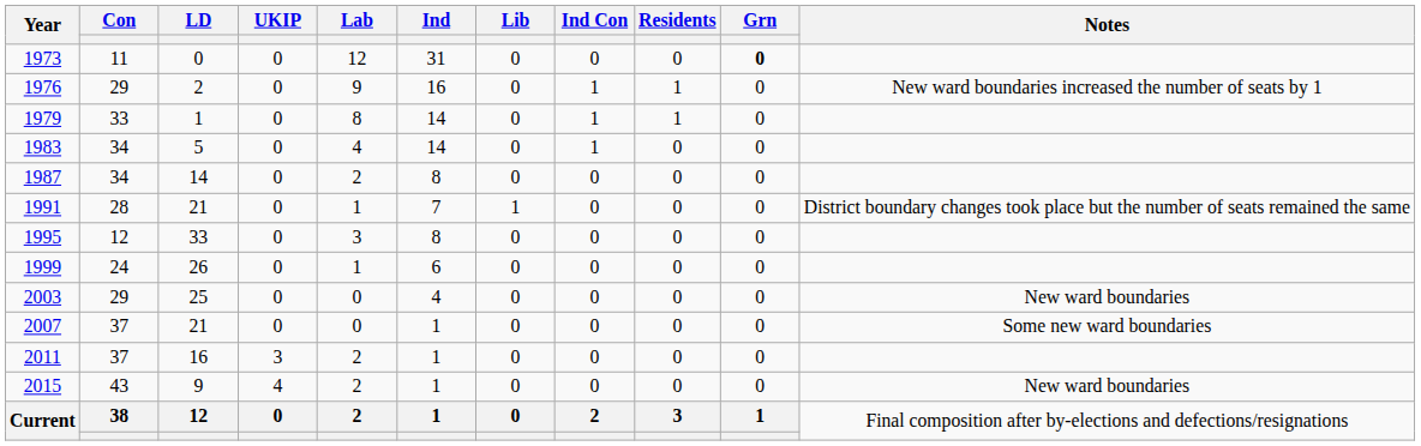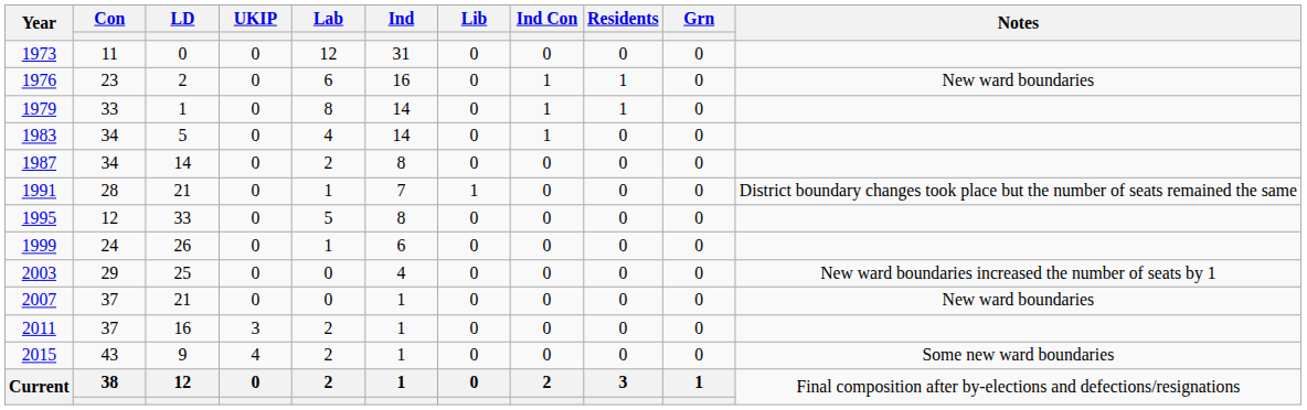 <table class=wikitable style=text-align:center>
 <tr>
 <th rowspan=2>Year</th>
 <th width="60"><a href='#'>Con</a></th>
 <th width="60"><a href='#'>LD</a></th>
 <th width="60"><a href='#'>UKIP</a></th>
 <th width="60"><a href='#'>Lab</a></th>
 <th width="60"><a href='#'>Ind</a></th>
 <th width="60"><a href='#'>Lib</a></th>
 <th width="60"><a href='#'>Ind Con</a></th>
 <th width="60"><a href='#'>Residents</a></th>
 <th width="60"><a href='#'>Grn</a></th>
 <th rowspan="2">Notes</th>
 </tr>
 <tr>
 <th style="background-color: "></th>
 <th style="background-color: "></th>
 <th style="background-color: "></th>
 <th style="background-color: "></th>
 <th style="background-color: "></th>
 <th style="background-color: "></th>
 <th style="background-color: "></th>
 <th style="background-color: "></th>
 <th style="background-color: "></th>
 </tr>
 <tr>
 <td><a href='#'>1973</a></td>
 <td>11</td>
 <td>0</td>
 <td>0</td>
 <td>12</td>
 <td>31</td>
 <td>0</td>
 <td>0</td>
 <td>0</td>
-<td><strong>0</strong></td>
+<td>0</td>
 <td></td>
 </tr>
 <tr>
 <td><a href='#'>1976</a></td>
-<td>29</td>
+<td>23</td>
 <td>2</td>
 <td>0</td>
-<td>9</td>
+<td>6</td>
 <td>16</td>
 <td>0</td>
 <td>1</td>
 <td>1</td>
 <td>0</td>
-<td>New ward boundaries increased the number of seats by 1</td>
+<td>New ward boundaries</td>
 </tr>
 <tr>
 <td><a href='#'>1979</a></td>
 <td>33</td>
 <td>1</td>
 <td>0</td>
 <td>8</td>
 <td>14</td>
 <td>0</td>
 <td>1</td>
 <td>1</td>
 <td>0</td>
 <td></td>
 </tr>
 <tr>
 <td><a href='#'>1983</a></td>
 <td>34</td>
 <td>5</td>
 <td>0</td>
 <td>4</td>
 <td>14</td>
 <td>0</td>
 <td>1</td>
 <td>0</td>
 <td>0</td>
 <td></td>
 </tr>
 <tr>
 <td><a href='#'>1987</a></td>
 <td>34</td>
 <td>14</td>
 <td>0</td>
 <td>2</td>
 <td>8</td>
 <td>0</td>
 <td>0</td>
 <td>0</td>
 <td>0</td>
 <td></td>
 </tr>
 <tr>
 <td><a href='#'>1991</a></td>
 <td>28</td>
 <td>21</td>
 <td>0</td>
 <td>1</td>
 <td>7</td>
 <td>1</td>
 <td>0</td>
 <td>0</td>
 <td>0</td>
 <td>District boundary changes took place but the number of seats remained the same</td>
 </tr>
 <tr>
 <td><a href='#'>1995</a></td>
 <td>12</td>
 <td>33</td>
 <td>0</td>
-<td>3</td>
+<td>5</td>
 <td>8</td>
 <td>0</td>
 <td>0</td>
 <td>0</td>
 <td>0</td>
 <td></td>
 </tr>
 <tr>
 <td><a href='#'>1999</a></td>
 <td>24</td>
 <td>26</td>
 <td>0</td>
 <td>1</td>
 <td>6</td>
 <td>0</td>
 <td>0</td>
 <td>0</td>
 <td>0</td>
 <td></td>
 </tr>
 <tr>
 <td><a href='#'>2003</a></td>
 <td>29</td>
 <td>25</td>
 <td>0</td>
 <td>0</td>
 <td>4</td>
 <td>0</td>
 <td>0</td>
 <td>0</td>
 <td>0</td>
-<td>New ward boundaries</td>
+<td>New ward boundaries increased the number of seats by 1</td>
 </tr>
 <tr>
 <td><a href='#'>2007</a></td>
 <td>37</td>
 <td>21</td>
 <td>0</td>
 <td>0</td>
 <td>1</td>
 <td>0</td>
 <td>0</td>
 <td>0</td>
 <td>0</td>
-<td>Some new ward boundaries</td>
+<td>New ward boundaries</td>
 </tr>
 <tr>
 <td><a href='#'>2011</a></td>
 <td>37</td>
 <td>16</td>
 <td>3</td>
 <td>2</td>
 <td>1</td>
 <td>0</td>
 <td>0</td>
 <td>0</td>
 <td>0</td>
 <td></td>
 </tr>
 <tr>
 <td><a href='#'>2015</a></td>
 <td>43</td>
 <td>9</td>
 <td>4</td>
 <td>2</td>
 <td>1</td>
 <td>0</td>
 <td>0</td>
 <td>0</td>
 <td>0</td>
-<td>New ward boundaries</td>
+<td>Some new ward boundaries</td>
 </tr>
 <tr>
 <th rowspan=2>Current</th>
 <th>38</th>
 <th>12</th>
 <th>0</th>
 <th>2</th>
 <th>1</th>
 <th>0</th>
 <th>2</th>
 <th>3</th>
 <th>1</th>
 <td rowspan=2>Final composition after by-elections and defections/resignations</td>
 </tr>
 <tr>
 <th style="background-color: "></th>
 <th style="background-color: "></th>
 <th style="background-color: "></th>
 <th style="background-color: "></th>
 <th style="background-color: "></th>
 <th style="background-color: "></th>
 <th style="background-color: "></th>
 <th style="background-color: "></th>
 <th style="background-color: "></th>
 </tr>
 </table>
